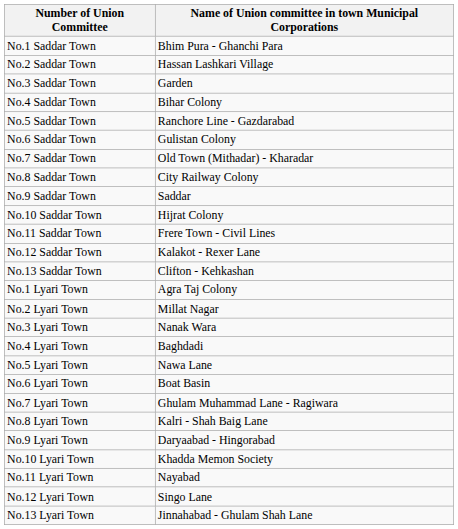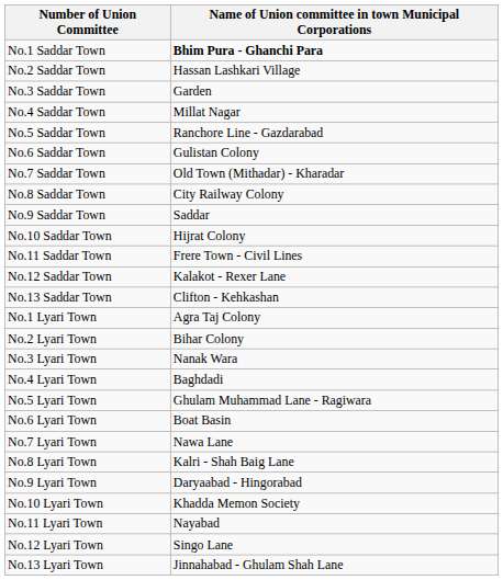 <table class="wikitable">
 <tr>
 <th>Number of Union Committee</th>
 <th>Name of Union committee in town Municipal Corporations</th>
 </tr>
 <tr>
 <td>No.1 Saddar Town</td>
-<td>Bhim Pura - Ghanchi Para</td>
+<td><strong>Bhim Pura - Ghanchi Para</strong></td>
 </tr>
 <tr>
 <td>No.2 Saddar Town</td>
 <td>Hassan Lashkari Village</td>
 </tr>
 <tr>
 <td>No.3 Saddar Town</td>
 <td>Garden</td>
 </tr>
 <tr>
 <td>No.4 Saddar Town</td>
-<td>Bihar Colony</td>
+<td>Millat Nagar</td>
 </tr>
 <tr>
 <td>No.5 Saddar Town</td>
 <td>Ranchore Line - Gazdarabad</td>
 </tr>
 <tr>
 <td>No.6 Saddar Town</td>
 <td>Gulistan Colony</td>
 </tr>
 <tr>
 <td>No.7 Saddar Town</td>
 <td>Old Town (Mithadar) - Kharadar</td>
 </tr>
 <tr>
 <td>No.8 Saddar Town</td>
 <td>City Railway Colony</td>
 </tr>
 <tr>
 <td>No.9 Saddar Town</td>
 <td>Saddar</td>
 </tr>
 <tr>
 <td>No.10 Saddar Town</td>
 <td>Hijrat Colony</td>
 </tr>
 <tr>
 <td>No.11 Saddar Town</td>
 <td>Frere Town - Civil Lines</td>
 </tr>
 <tr>
 <td>No.12 Saddar Town</td>
 <td>Kalakot - Rexer Lane</td>
 </tr>
 <tr>
 <td>No.13 Saddar Town</td>
 <td>Clifton - Kehkashan</td>
 </tr>
 <tr>
 <td>No.1 Lyari Town</td>
 <td>Agra Taj Colony</td>
 </tr>
 <tr>
 <td>No.2 Lyari  Town</td>
-<td>Millat Nagar</td>
+<td>Bihar Colony</td>
 </tr>
 <tr>
 <td>No.3 Lyari  Town</td>
 <td>Nanak Wara</td>
 </tr>
 <tr>
 <td>No.4 Lyari Town</td>
 <td>Baghdadi</td>
 </tr>
 <tr>
 <td>No.5 Lyari Town</td>
-<td>Nawa Lane</td>
+<td>Ghulam Muhammad Lane - Ragiwara</td>
 </tr>
 <tr>
 <td>No.6 Lyari Town</td>
 <td>Boat Basin</td>
 </tr>
 <tr>
 <td>No.7 Lyari Town</td>
-<td>Ghulam Muhammad Lane - Ragiwara</td>
+<td>Nawa Lane</td>
 </tr>
 <tr>
 <td>No.8 Lyari Town</td>
 <td>Kalri - Shah Baig Lane</td>
 </tr>
 <tr>
 <td>No.9 Lyari Town</td>
 <td>Daryaabad - Hingorabad</td>
 </tr>
 <tr>
 <td>No.10 Lyari Town</td>
 <td>Khadda Memon Society</td>
 </tr>
 <tr>
 <td>No.11 Lyari Town</td>
 <td>Nayabad</td>
 </tr>
 <tr>
 <td>No.12 Lyari Town</td>
 <td>Singo Lane</td>
 </tr>
 <tr>
 <td>No.13 Lyari Town</td>
 <td>Jinnahabad - Ghulam Shah Lane</td>
 </tr>
 </table>
